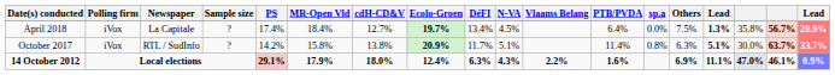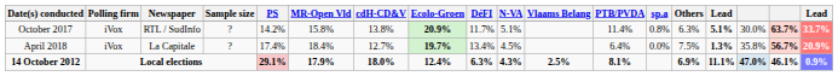 <table class="wikitable sortable" style="text-align:center; font-size:85%; line-height:16px;">
 <tr style="background-color:#E9E9E9">
 <th rowspan="1">Date(s) conducted</th>
 <th rowspan="1">Polling firm</th>
 <th rowspan="1">Newspaper</th>
 <th rowspan="1">Sample size</th>
 <th><a href='#'><span>PS</span></a></th>
 <th><a href='#'><span>MR-Open Vld</span></a></th>
 <th><a href='#'><span>cdH-CD&V</span></a></th>
 <th><a href='#'><span>Ecolo-Groen</span></a></th>
 <th><a href='#'><span>DéFI</span></a></th>
 <th><a href='#'><span>N-VA</span></a></th>
 <th><a href='#'><span>Vlaams Belang</span></a></th>
 <th><a href='#'><span>PTB/PVDA</span></a></th>
 <th><a href='#'><span>sp.a</span></a></th>
 <th rowspan="1">Others</th>
 <th rowspan="1">Lead</th>
 <th></th>
 <th></th>
 <th rowspan="1">Lead</th>
 </tr>
 <tr style="background:#EFEFEF; font-weight:bold;">
 </tr>
 <tr>
+<td>October 2017</td>
+<td>iVox</td>
+<td>RTL / SudInfo </td>
+<td>?</td>
+<td>14.2%</td>
+<td>15.8%</td>
+<td>13.8%</td>
+<td style="background:#D3F2D0"><strong>20.9%</strong></td>
+<td>11.7%</td>
+<td>5.1%</td>
+<td></td>
+<td>11.4%</td>
+<td>0.8%</td>
+<td>6.3%</td>
+<td style="background:"><strong>5.1%</strong></td>
+<td>30.0%</td>
+<td style="background:#FFD7D2"><strong>63.7%</strong></td>
+<td style="background:#FF7777;color:white;"><strong>33.7%</strong></td>
+</tr>
+<tr>
 <td>April 2018</td>
 <td>iVox</td>
 <td>La Capitale </td>
 <td>?</td>
 <td>17.4%</td>
 <td>18.4%</td>
 <td>12.7%</td>
 <td style="background:#D3F2D0"><strong>19.7%</strong></td>
 <td>13.4%</td>
 <td>4.5%</td>
 <td></td>
 <td>6.4%</td>
 <td>0.0%</td>
 <td>7.5%</td>
 <td style="background:"><strong>1.3%</strong></td>
 <td>35.8%</td>
 <td style="background:#FFD7D2"><strong>56.7%</strong></td>
 <td style="background:#FF7777;color:white;"><strong>20.9%</strong></td>
 </tr>
 <tr>
-<td>October 2017</td>
-<td>iVox</td>
-<td>RTL / SudInfo </td>
-<td>?</td>
-<td>14.2%</td>
-<td>15.8%</td>
-<td>13.8%</td>
-<td style="background:#D3F2D0"><strong>20.9%</strong></td>
-<td>11.7%</td>
-<td>5.1%</td>
-<td></td>
-<td>11.4%</td>
-<td>0.8%</td>
-<td>6.3%</td>
-<td style="background:"><strong>5.1%</strong></td>
-<td>30.0%</td>
-<td style="background:#FFD7D2"><strong>63.7%</strong></td>
-<td style="background:#FF7777;color:white;"><strong>33.7%</strong></td>
-</tr>
-<tr>
 <td><strong>14 October 2012</strong></td>
 <td colspan="3"><strong>Local elections</strong></td>
 <td style="background:#F9C8CA"><strong>29.1%</strong></td>
 <td><strong>17.9%</strong></td>
 <td><strong>18.0%</strong></td>
 <td><strong>12.4%</strong></td>
 <td><strong>6.3%</strong></td>
 <td><strong>4.3%</strong></td>
-<td><strong>2.2%</strong></td>
-<td><strong>1.6%</strong></td>
+<td><strong>2.5%</strong></td>
+<td><strong>8.1%</strong></td>
 <td></td>
 <td><strong>6.9%</strong></td>
 <td style="background:"><strong>11.1%</strong></td>
 <td style="background:#D9E9F4"><strong>47.0%</strong></td>
 <td><strong>46.1%</strong></td>
 <td style="background:#7777FF;color:white;"><strong>0.9%</strong></td>
 </tr>
 </table>
